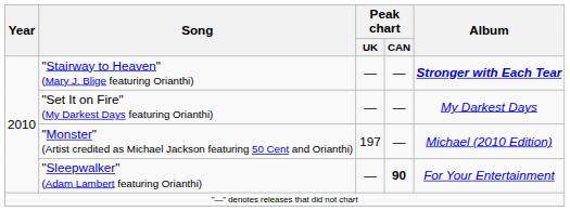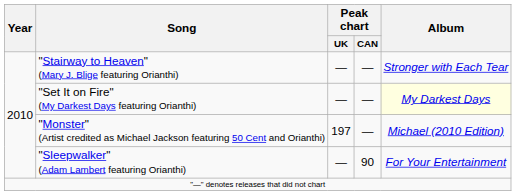 <table class="wikitable" style="text-align:center;">
 <tr>
 <th rowspan="2">Year</th>
 <th rowspan="2">Song</th>
 <th colspan="2">Peak chart</th>
 <th rowspan="2">Album</th>
 </tr>
 <tr style="font-size:smaller">
 <th style="width:30px;">UK</th>
 <th style="width:30px;">CAN</th>
 </tr>
 <tr>
 <td rowspan="4">2010</td>
 <td style="text-align:left;">"<a href='#'>Stairway to Heaven</a>"<br><small>(<a href='#'>Mary J. Blige</a> featuring Orianthi)</small></td>
 <td>—</td>
 <td>—</td>
-<td><strong><em><a href='#'>Stronger with Each Tear</a></em></strong></td>
+<td><em><a href='#'>Stronger with Each Tear</a></em></td>
 </tr>
 <tr>
 <td style="text-align:left;">"Set It on Fire"<br><small>(<a href='#'>My Darkest Days</a> featuring Orianthi)</small></td>
 <td>—</td>
 <td>—</td>
-<td><em><a href='#'>My Darkest Days</a></em></td>
+<td style="background: lightyellow;"><em><a href='#'>My Darkest Days</a></em></td>
 </tr>
 <tr>
 <td style="text-align:left;">"<a href='#'>Monster</a>"<br><small>(Artist credited as Michael Jackson featuring <a href='#'>50 Cent</a> and Orianthi)</small></td>
 <td>197<br></td>
 <td>—</td>
 <td><em><a href='#'>Michael (2010 Edition)</a></em></td>
 </tr>
 <tr>
 <td style="text-align:left;">"<a href='#'>Sleepwalker</a>"<br><small>(<a href='#'>Adam Lambert</a> featuring Orianthi)</small></td>
 <td>—</td>
-<td><strong>90</strong></td>
+<td>90</td>
 <td><em><a href='#'>For Your Entertainment</a></em></td>
 </tr>
 <tr>
 <td colspan="8" style="font-size:8pt">"—" denotes releases that did not chart</td>
 </tr>
 </table>
